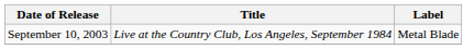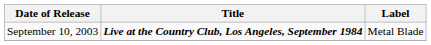 <table class="wikitable">
 <tr>
 <th>Date of Release</th>
 <th>Title</th>
 <th>Label</th>
 </tr>
 <tr>
 <td>September 10, 2003</td>
-<td><em>Live at the Country Club, Los Angeles, September 1984</em></td>
+<td><strong><em>Live at the Country Club, Los Angeles, September 1984</em></strong></td>
 <td>Metal Blade</td>
 </tr>
 <tr>
 </tr>
 </table>
